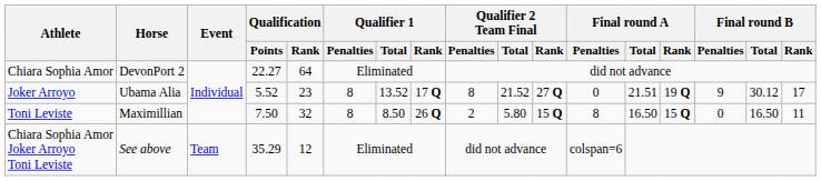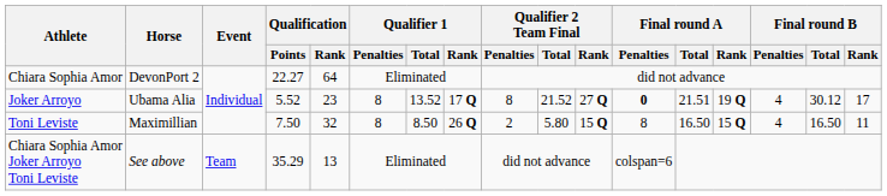 <table class=wikitable style="font-size:90%; text-align:center">
 <tr>
 <th rowspan=2>Athlete</th>
 <th rowspan=2>Horse</th>
 <th rowspan=2>Event</th>
 <th colspan=2>Qualification</th>
 <th colspan=3>Qualifier 1</th>
 <th colspan=3>Qualifier 2<br>Team Final</th>
 <th colspan=3>Final round A</th>
 <th colspan=3>Final round B</th>
 </tr>
 <tr style="font-size:95%">
 <th>Points</th>
 <th>Rank</th>
 <th>Penalties</th>
 <th>Total</th>
 <th>Rank</th>
 <th>Penalties</th>
 <th>Total</th>
 <th>Rank</th>
 <th>Penalties</th>
 <th>Total</th>
 <th>Rank</th>
 <th>Penalties</th>
 <th>Total</th>
 <th>Rank</th>
 </tr>
 <tr>
 <td align=left>Chiara Sophia Amor</td>
 <td align=left>DevonPort 2</td>
 <td align=left rowspan=3><a href='#'>Individual</a></td>
 <td>22.27</td>
 <td>64</td>
 <td colspan=3>Eliminated</td>
 <td colspan=9>did not advance</td>
 </tr>
 <tr>
 <td align=left><a href='#'>Joker Arroyo</a></td>
 <td align=left>Ubama Alia</td>
 <td>5.52</td>
 <td>23</td>
 <td>8</td>
 <td>13.52</td>
 <td>17 <strong>Q</strong></td>
 <td>8</td>
 <td>21.52</td>
 <td>27 <strong>Q</strong></td>
-<td>0</td>
+<td><strong>0</strong></td>
 <td>21.51</td>
 <td>19 <strong>Q</strong></td>
-<td>9</td>
+<td>4</td>
 <td>30.12</td>
 <td>17</td>
 </tr>
 <tr>
 <td align=left><a href='#'>Toni Leviste</a></td>
 <td align=left>Maximillian</td>
 <td>7.50</td>
 <td>32</td>
 <td>8</td>
 <td>8.50</td>
 <td>26 <strong>Q</strong></td>
 <td>2</td>
 <td>5.80</td>
 <td>15 <strong>Q</strong></td>
 <td>8</td>
 <td>16.50</td>
 <td>15 <strong>Q</strong></td>
-<td>0</td>
+<td>4</td>
 <td>16.50</td>
 <td>11</td>
 </tr>
 <tr>
 <td align=left>Chiara Sophia Amor<br><a href='#'>Joker Arroyo</a><br><a href='#'>Toni Leviste</a></td>
 <td align=left><em>See above</em></td>
 <td align=left><a href='#'>Team</a></td>
 <td>35.29</td>
-<td>12</td>
+<td>13</td>
 <td colspan=3>Eliminated</td>
 <td colspan=3>did not advance</td>
 <td>colspan=6 </td>
 </tr>
 </table>
